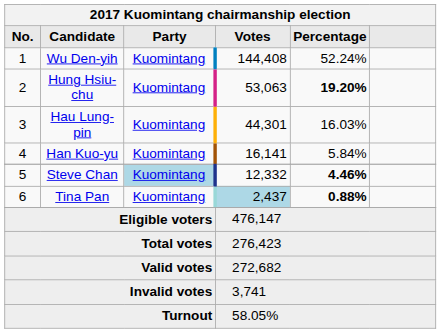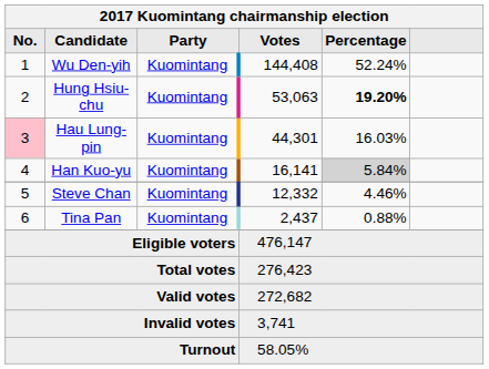 <table class="wikitable sortable" style="margin:auto; text-align:center">
 <tr>
 <th colspan="7" width=500px>2017 Kuomintang chairmanship election</th>
 </tr>
 <tr>
 <th style="background-color:#E9E9E9;text-align:center;" width="35">No.</th>
 <th style="background-color:#E9E9E9;text-align:center;" width="90">Candidate</th>
 <th style="background-color:#E9E9E9;text-align:center;" width="100">Party</th>
 <th style="background-color:#E9E9E9;text-align:center;" width="80">Votes</th>
 <th style="background-color:#E9E9E9;text-align:center;" width="70">Percentage</th>
 <th style="background-color:#E9E9E9;text-align:center;" width="70"></th>
 </tr>
 <tr>
 <td>1</td>
 <td style="text-align:center;"><a href='#'>Wu Den-yih</a></td>
 <td><a href='#'>Kuomintang</a></td>
 <td style="border-left:4px solid #0080C0;" align="right">144,408</td>
 <td align="right">52.24%</td>
 <td align="center"></td>
 </tr>
 <tr>
 <td>2</td>
 <td style="text-align:center;"><a href='#'>Hung Hsiu-chu</a></td>
 <td><a href='#'>Kuomintang</a></td>
 <td style="border-left:4px solid #D42187;" align="right">53,063</td>
 <td align="right"><strong>19.20%</strong></td>
 <td align="center"></td>
 </tr>
 <tr>
-<td>3</td>
+<td style="background: pink;">3</td>
 <td style="text-align:center;"><a href='#'>Hau Lung-pin</a></td>
 <td><a href='#'>Kuomintang</a></td>
 <td style="border-left:4px solid #FEB008;" align="right">44,301</td>
 <td align="right">16.03%</td>
 <td align="center"></td>
 </tr>
 <tr>
 <td>4</td>
 <td style="text-align:center;"><a href='#'>Han Kuo-yu</a></td>
 <td><a href='#'>Kuomintang</a></td>
 <td style="border-left:4px solid #A25306;" align="right">16,141</td>
-<td align="right">5.84%</td>
+<td align="right" style="background: lightgrey;">5.84%</td>
 <td align="center"></td>
 </tr>
 <tr>
 </tr>
 <tr>
 <td>5</td>
 <td style="text-align:center;"><a href='#'>Steve Chan</a></td>
-<td style="background: lightblue;"><a href='#'>Kuomintang</a></td>
+<td><a href='#'>Kuomintang</a></td>
 <td style="border-left:4px solid #1F338C;" align="right">12,332</td>
-<td align="right"><strong>4.46%</strong></td>
+<td align="right">4.46%</td>
 <td align="center"></td>
 </tr>
 <tr>
 <td>6</td>
 <td style="text-align:center;"><a href='#'>Tina Pan</a></td>
 <td><a href='#'>Kuomintang</a></td>
-<td style="background: lightblue; border-left:4px solid #99D8D8;" align="right">2,437</td>
-<td align="right"><strong>0.88%</strong></td>
+<td style="border-left:4px solid #99D8D8;" align="right">2,437</td>
+<td align="right">0.88%</td>
 <td align="center"></td>
 </tr>
 <tr>
 </tr>
 <tr bgcolor=EEEEEE class="sortbottom">
 <td colspan="3" style="text-align: right"><strong>Eligible voters</strong></td>
 <td colspan="3" align="left">　476,147</td>
 </tr>
 <tr bgcolor=EEEEEE class="sortbottom">
 <td colspan="3" style="text-align: right"><strong>Total votes</strong></td>
 <td colspan="3" align="left">　276,423</td>
 </tr>
 <tr bgcolor=EEEEEE class="sortbottom">
 <td colspan="3" style="text-align: right"><strong>Valid votes</strong></td>
 <td colspan="3" align="left">　272,682</td>
 </tr>
 <tr bgcolor=EEEEEE class="sortbottom">
 <td colspan="3" style="text-align: right"><strong>Invalid votes</strong></td>
 <td colspan="3" align="left">　3,741</td>
 </tr>
 <tr bgcolor=EEEEEE class="sortbottom">
 <td colspan="3" style="text-align: right"><strong>Turnout</strong></td>
 <td colspan="3" align="left">　58.05%</td>
 </tr>
 </table>
